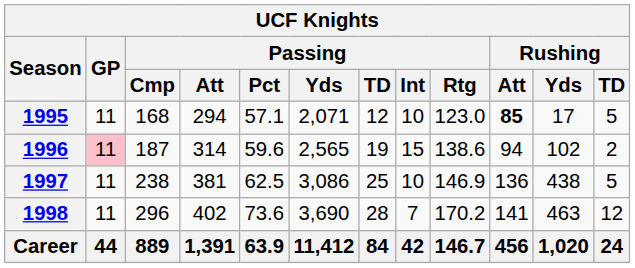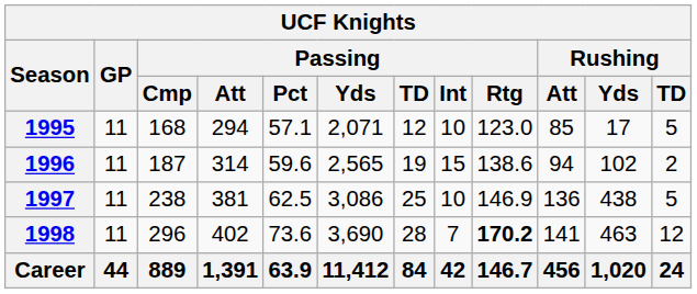 <table class="wikitable" style="text-align:center;">
 <tr>
 <th colspan="12">UCF Knights</th>
 </tr>
 <tr>
 <th rowspan="2">Season</th>
 <th rowspan="2">GP</th>
 <th colspan="7">Passing</th>
 <th colspan="3">Rushing</th>
 </tr>
 <tr>
 <th>Cmp</th>
 <th>Att</th>
 <th>Pct</th>
 <th>Yds</th>
 <th>TD</th>
 <th>Int</th>
 <th>Rtg</th>
 <th>Att</th>
 <th>Yds</th>
 <th>TD</th>
 </tr>
 <tr>
 <th><a href='#'>1995</a></th>
 <td>11</td>
 <td>168</td>
 <td>294</td>
 <td>57.1</td>
 <td>2,071</td>
 <td>12</td>
 <td>10</td>
 <td>123.0</td>
-<td><strong>85</strong></td>
+<td>85</td>
 <td>17</td>
 <td>5</td>
 </tr>
 <tr>
 <th><a href='#'>1996</a></th>
-<td style="background: pink;">11</td>
+<td>11</td>
 <td>187</td>
 <td>314</td>
 <td>59.6</td>
 <td>2,565</td>
 <td>19</td>
 <td>15</td>
 <td>138.6</td>
 <td>94</td>
 <td>102</td>
 <td>2</td>
 </tr>
 <tr>
 <th><a href='#'>1997</a></th>
 <td>11</td>
 <td>238</td>
 <td>381</td>
 <td>62.5</td>
 <td>3,086</td>
 <td>25</td>
 <td>10</td>
 <td>146.9</td>
 <td>136</td>
 <td>438</td>
 <td>5</td>
 </tr>
 <tr>
 <th><a href='#'>1998</a></th>
 <td>11</td>
 <td>296</td>
 <td>402</td>
 <td>73.6</td>
 <td>3,690</td>
 <td>28</td>
 <td>7</td>
-<td>170.2</td>
+<td><strong>170.2</strong></td>
 <td>141</td>
 <td>463</td>
 <td>12</td>
 </tr>
 <tr>
 <th>Career</th>
 <th>44</th>
 <th>889</th>
 <th>1,391</th>
 <th>63.9</th>
 <th>11,412</th>
 <th>84</th>
 <th>42</th>
 <th>146.7</th>
 <th>456</th>
 <th>1,020</th>
 <th>24</th>
 </tr>
 </table>
